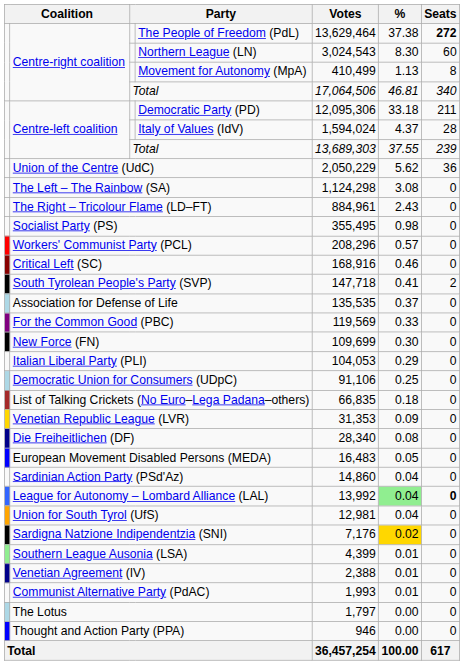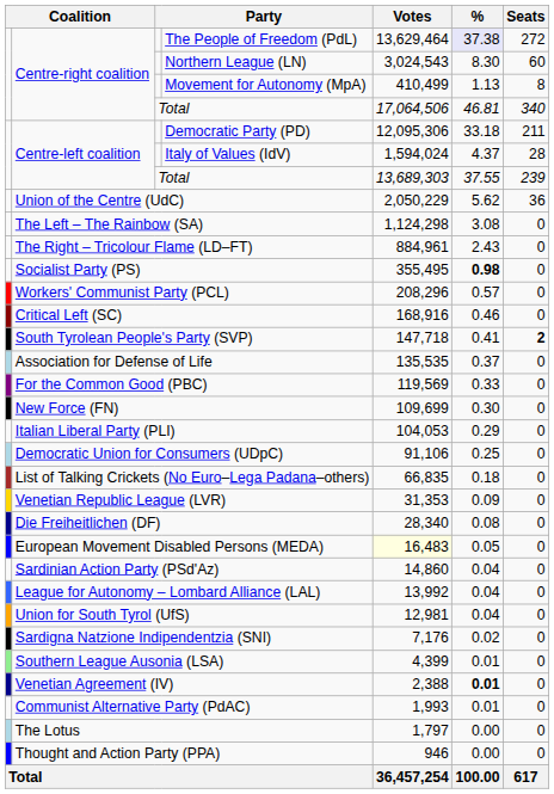 <table class="wikitable" style="text-align:right">
 <tr>
 <th colspan=2>Coalition</th>
 <th colspan=2>Party</th>
 <th>Votes</th>
 <th>%</th>
 <th>Seats</th>
 </tr>
 <tr>
 <td rowspan="4" style="background:"></td>
 <td style="text-align:left;" rowspan="4"><a href='#'>Centre-right coalition</a></td>
 <td></td>
 <td align=left><a href='#'>The People of Freedom</a> (PdL)</td>
 <td>13,629,464</td>
-<td>37.38</td>
-<td><strong>272</strong></td>
+<td style="background: lavender;">37.38</td>
+<td>272</td>
 </tr>
 <tr>
 <td></td>
 <td align=left><a href='#'>Northern League</a> (LN)</td>
 <td>3,024,543</td>
 <td>8.30</td>
 <td>60</td>
 </tr>
 <tr>
 <td style="background:"></td>
 <td align=left><a href='#'>Movement for Autonomy</a> (MpA)</td>
 <td>410,499</td>
 <td>1.13</td>
 <td>8</td>
 </tr>
 <tr>
 <td colspan=2 align=left><em>Total</em></td>
 <td><em>17,064,506</em></td>
 <td><em>46.81</em></td>
 <td><em>340</em></td>
 </tr>
 <tr>
 <td rowspan="3"></td>
 <td style="text-align:left;" rowspan="3"><a href='#'>Centre-left coalition</a></td>
 <td></td>
 <td align=left><a href='#'>Democratic Party</a> (PD)</td>
 <td>12,095,306</td>
 <td>33.18</td>
 <td>211</td>
 </tr>
 <tr>
 <td></td>
 <td align=left><a href='#'>Italy of Values</a> (IdV)</td>
 <td>1,594,024</td>
 <td>4.37</td>
 <td>28</td>
 </tr>
 <tr>
 <td colspan=2 align=left><em>Total</em></td>
 <td><em>13,689,303</em></td>
 <td><em>37.55</em></td>
 <td><em>239</em></td>
 </tr>
 <tr>
 <td></td>
 <td style="text-align:left;" colspan="3"><a href='#'>Union of the Centre</a> (UdC)</td>
 <td>2,050,229</td>
 <td>5.62</td>
 <td>36</td>
 </tr>
 <tr>
 <td style="background:"></td>
 <td style="text-align:left;" colspan="3"><a href='#'>The Left – The Rainbow</a> (SA)</td>
 <td>1,124,298</td>
 <td>3.08</td>
 <td>0</td>
 </tr>
 <tr>
 <td style="background:"></td>
 <td style="text-align:left;" colspan="3"><a href='#'>The Right – Tricolour Flame</a> (LD–FT)</td>
 <td>884,961</td>
 <td>2.43</td>
 <td>0</td>
 </tr>
 <tr>
 <td></td>
 <td style="text-align:left;" colspan="3"><a href='#'>Socialist Party</a> (PS)</td>
 <td>355,495</td>
-<td>0.98</td>
+<td><strong>0.98</strong></td>
 <td>0</td>
 </tr>
 <tr>
 <td style="background:red;"></td>
 <td style="text-align:left;" colspan="3"><a href='#'>Workers' Communist Party</a> (PCL)</td>
 <td>208,296</td>
 <td>0.57</td>
 <td>0</td>
 </tr>
 <tr>
 <td style="background:#880000;"></td>
 <td style="text-align:left;" colspan="3"><a href='#'>Critical Left</a> (SC)</td>
 <td>168,916</td>
 <td>0.46</td>
 <td>0</td>
 </tr>
 <tr>
 <td style="background:black;"></td>
 <td style="text-align:left;" colspan="3"><a href='#'>South Tyrolean People's Party</a> (SVP)</td>
 <td>147,718</td>
 <td>0.41</td>
-<td>2</td>
+<td><strong>2</strong></td>
 </tr>
 <tr>
 <td style="background:lightblue;"></td>
 <td style="text-align:left;" colspan="3">Association for Defense of Life</td>
 <td>135,535</td>
 <td>0.37</td>
 <td>0</td>
 </tr>
 <tr>
 <td style="background:purple;"></td>
 <td style="text-align:left;" colspan="3"><a href='#'>For the Common Good</a> (PBC)</td>
 <td>119,569</td>
 <td>0.33</td>
 <td>0</td>
 </tr>
 <tr>
 <td style="background:black;"></td>
 <td style="text-align:left;" colspan="3"><a href='#'>New Force</a> (FN)</td>
 <td>109,699</td>
 <td>0.30</td>
 <td>0</td>
 </tr>
 <tr>
 <td></td>
 <td style="text-align:left;" colspan="3"><a href='#'>Italian Liberal Party</a> (PLI)</td>
 <td>104,053</td>
 <td>0.29</td>
 <td>0</td>
 </tr>
 <tr>
 <td style="background:lightblue;"></td>
 <td style="text-align:left;" colspan="3"><a href='#'>Democratic Union for Consumers</a> (UDpC)</td>
 <td>91,106</td>
 <td>0.25</td>
 <td>0</td>
 </tr>
 <tr>
 <td style="background:brown;"></td>
 <td style="text-align:left;" colspan="3">List of Talking Crickets (<a href='#'>No Euro</a>–<a href='#'>Lega Padana</a>–others)</td>
 <td>66,835</td>
 <td>0.18</td>
 <td>0</td>
 </tr>
 <tr>
 <td style="background:gold;"></td>
 <td style="text-align:left;" colspan="3"><a href='#'>Venetian Republic League</a> (LVR)</td>
 <td>31,353</td>
 <td>0.09</td>
 <td>0</td>
 </tr>
 <tr>
 <td style="background:darkblue;"></td>
 <td style="text-align:left;" colspan="3"><a href='#'>Die Freiheitlichen</a> (DF)</td>
 <td>28,340</td>
 <td>0.08</td>
 <td>0</td>
 </tr>
 <tr>
 <td style="background:blue;"></td>
 <td style="text-align:left;" colspan="3">European Movement Disabled Persons (MEDA)</td>
-<td>16,483</td>
+<td style="background: lightyellow;">16,483</td>
 <td>0.05</td>
 <td>0</td>
 </tr>
 <tr>
 <td style="background:"></td>
 <td style="text-align:left;" colspan="3"><a href='#'>Sardinian Action Party</a> (PSd'Az)</td>
 <td>14,860</td>
 <td>0.04</td>
 <td>0</td>
 </tr>
 <tr>
 <td style="background:#36f;"></td>
 <td style="text-align:left;" colspan="3"><a href='#'>League for Autonomy – Lombard Alliance</a> (LAL)</td>
 <td>13,992</td>
-<td style="background: lightgreen;">0.04</td>
-<td><strong>0</strong></td>
+<td>0.04</td>
+<td>0</td>
 </tr>
 <tr>
 <td style="background:orange;"></td>
 <td style="text-align:left;" colspan="3"><a href='#'>Union for South Tyrol</a> (UfS)</td>
 <td>12,981</td>
 <td>0.04</td>
 <td>0</td>
 </tr>
 <tr>
 <td style="background:black;"></td>
 <td style="text-align:left;" colspan="3"><a href='#'>Sardigna Natzione Indipendentzia</a> (SNI)</td>
 <td>7,176</td>
-<td style="background: gold;">0.02</td>
+<td>0.02</td>
 <td>0</td>
 </tr>
 <tr>
 <td style="background:lightgreen;"></td>
 <td style="text-align:left;" colspan="3"><a href='#'>Southern League Ausonia</a> (LSA)</td>
 <td>4,399</td>
 <td>0.01</td>
 <td>0</td>
 </tr>
 <tr>
 <td style="background:darkblue;"></td>
 <td style="text-align:left;" colspan="3"><a href='#'>Venetian Agreement</a> (IV)</td>
 <td>2,388</td>
-<td>0.01</td>
+<td><strong>0.01</strong></td>
 <td>0</td>
 </tr>
 <tr>
 <td style="background:"></td>
 <td style="text-align:left;" colspan="3"><a href='#'>Communist Alternative Party</a> (PdAC)</td>
 <td>1,993</td>
 <td>0.01</td>
 <td>0</td>
 </tr>
 <tr>
 <td style="background:lightblue;"></td>
 <td style="text-align:left;" colspan="3">The Lotus</td>
 <td>1,797</td>
 <td>0.00</td>
 <td>0</td>
 </tr>
 <tr>
 <td style="background:blue;"></td>
 <td style="text-align:left;" colspan="3">Thought and Action Party (PPA)</td>
 <td>946</td>
 <td>0.00</td>
 <td>0</td>
 </tr>
 <tr>
 <th style="text-align:left;" colspan="4"><strong>Total</strong></th>
 <th><strong>36,457,254</strong></th>
 <th><strong>100.00</strong></th>
 <th><strong>617</strong></th>
 </tr>
 </table>
